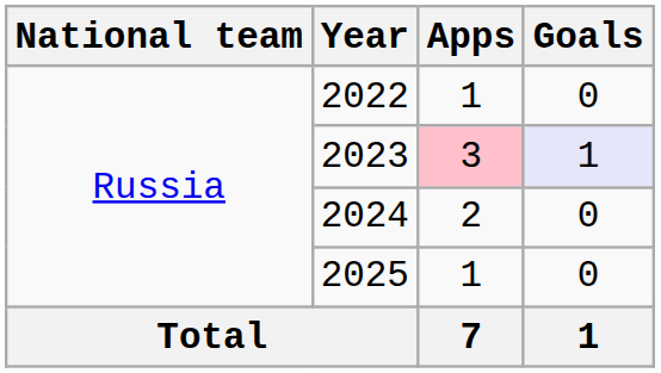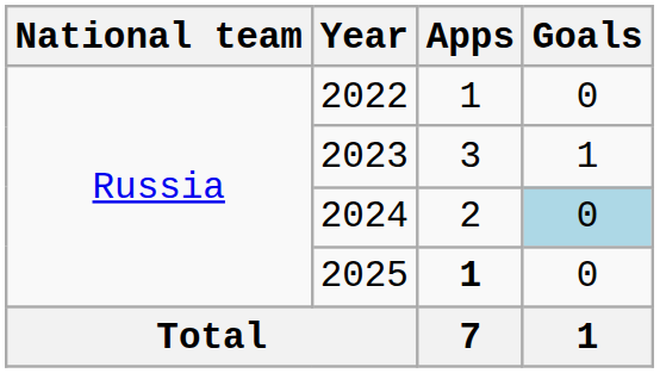 <table class="wikitable" style="text-align:center">
 <tr>
 <th>National team</th>
 <th>Year</th>
 <th>Apps</th>
 <th>Goals</th>
 </tr>
 <tr>
 <td rowspan="4"><a href='#'>Russia</a></td>
 <td>2022</td>
 <td>1</td>
 <td>0</td>
 </tr>
 <tr>
 <td>2023</td>
-<td style="background: pink;">3</td>
-<td style="background: lavender;">1</td>
+<td>3</td>
+<td>1</td>
 </tr>
 <tr>
 <td>2024</td>
 <td>2</td>
-<td>0</td>
+<td style="background: lightblue;">0</td>
 </tr>
 <tr>
 <td>2025</td>
-<td>1</td>
+<td><strong>1</strong></td>
 <td>0</td>
 </tr>
 <tr>
 <th colspan="2">Total</th>
 <th>7</th>
 <th>1</th>
 </tr>
 </table>
